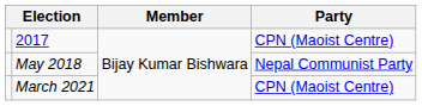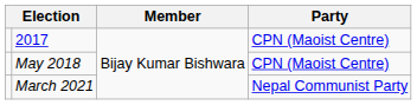 <table class="wikitable">
 <tr>
 <th colspan="2">Election</th>
 <th>Member</th>
 <th>Party</th>
 </tr>
 <tr>
 <td style="background-color:"></td>
 <td><a href='#'>2017</a></td>
 <td rowspan="3">Bijay Kumar Bishwara</td>
 <td><a href='#'>CPN (Maoist Centre)</a></td>
 </tr>
 <tr>
 <td style="background-color:"></td>
 <td><em>May 2018</em></td>
-<td><a href='#'>Nepal Communist Party</a></td>
+<td><a href='#'>CPN (Maoist Centre)</a></td>
 </tr>
 <tr>
 <td style="background-color:"></td>
 <td><em>March 2021</em></td>
-<td><a href='#'>CPN (Maoist Centre)</a></td>
+<td><a href='#'>Nepal Communist Party</a></td>
 </tr>
 </table>
